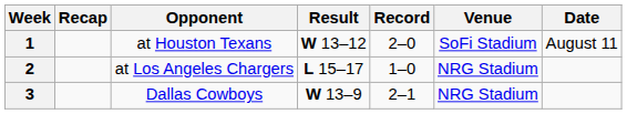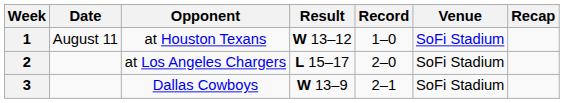 <table class="wikitable" style="text-align:center">
 <tr>
 <th>Week</th>
-<th>Recap</th>
+<th>Date</th>
 <th>Opponent</th>
 <th>Result</th>
 <th>Record</th>
 <th>Venue</th>
-<th>Date</th>
+<th>Recap</th>
 </tr>
 <tr>
 <th>1</th>
-<td></td>
+<td>August 11</td>
 <td>at <a href='#'>Houston Texans</a></td>
 <td><strong>W</strong> 13–12</td>
-<td>2–0</td>
+<td>1–0</td>
 <td><a href='#'>SoFi Stadium</a></td>
-<td>August 11</td>
+<td></td>
 </tr>
 <tr>
 <th>2</th>
 <td></td>
 <td>at <a href='#'>Los Angeles Chargers</a></td>
 <td><strong>L</strong> 15–17</td>
-<td>1–0</td>
-<td><a href='#'>NRG Stadium</a></td>
+<td>2–0</td>
+<td>SoFi Stadium</td>
 <td></td>
 </tr>
 <tr>
 <th>3</th>
 <td></td>
 <td><a href='#'>Dallas Cowboys</a></td>
 <td><strong>W</strong> 13–9</td>
 <td>2–1</td>
-<td><a href='#'>NRG Stadium</a></td>
+<td>SoFi Stadium</td>
 <td></td>
 </tr>
 </table>
